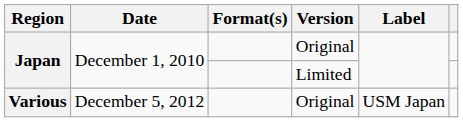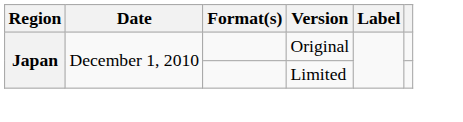 <table class="wikitable plainrowheaders">
 <tr>
 <th scope="col">Region</th>
 <th scope="col">Date</th>
 <th scope="col">Format(s)</th>
 <th>Version</th>
 <th scope="col">Label</th>
 <th scope="col"></th>
 </tr>
 <tr>
 <th rowspan="2" scope="row">Japan</th>
 <td rowspan="2">December 1, 2010</td>
 <td></td>
 <td>Original</td>
 <td rowspan="2"></td>
 <td align="center"></td>
 </tr>
 <tr>
 <td></td>
 <td>Limited</td>
 <td align="center"></td>
 </tr>
-<tr>
-<th scope="row">Various</th>
-<td>December 5, 2012</td>
-<td></td>
-<td>Original</td>
-<td>USM Japan</td>
-<td align="center"></td>
-</tr>
 </table>
